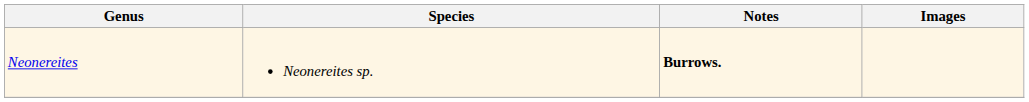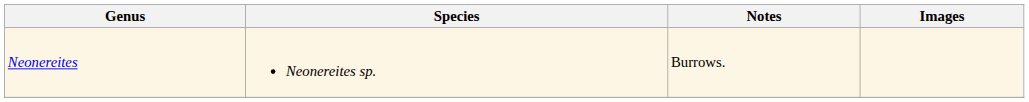 <table class="wikitable" style="width:70%;">
 <tr>
 <th>Genus</th>
 <th>Species</th>
 <th>Notes</th>
 <th>Images</th>
 </tr>
 <tr>
 <td style="background:#FEF6E4;"><em><a href='#'>Neonereites</a></em></td>
 <td style="background:#FEF6E4;"><br><ul><li><em>Neonereites sp.</em></li></ul></td>
-<td style="background:#FEF6E4;"><strong>Burrows.</strong></td>
+<td style="background:#FEF6E4;">Burrows.</td>
 <td style="background:#FEF6E4;"></td>
 </tr>
 <tr>
 </tr>
 </table>
